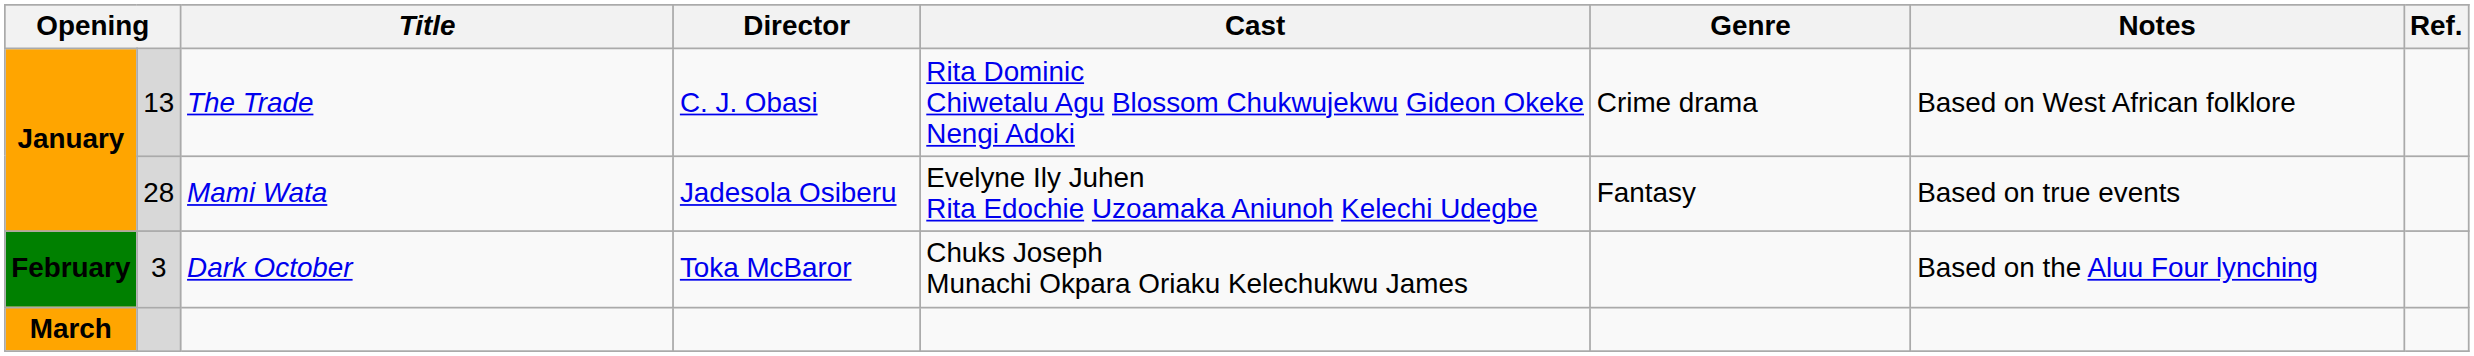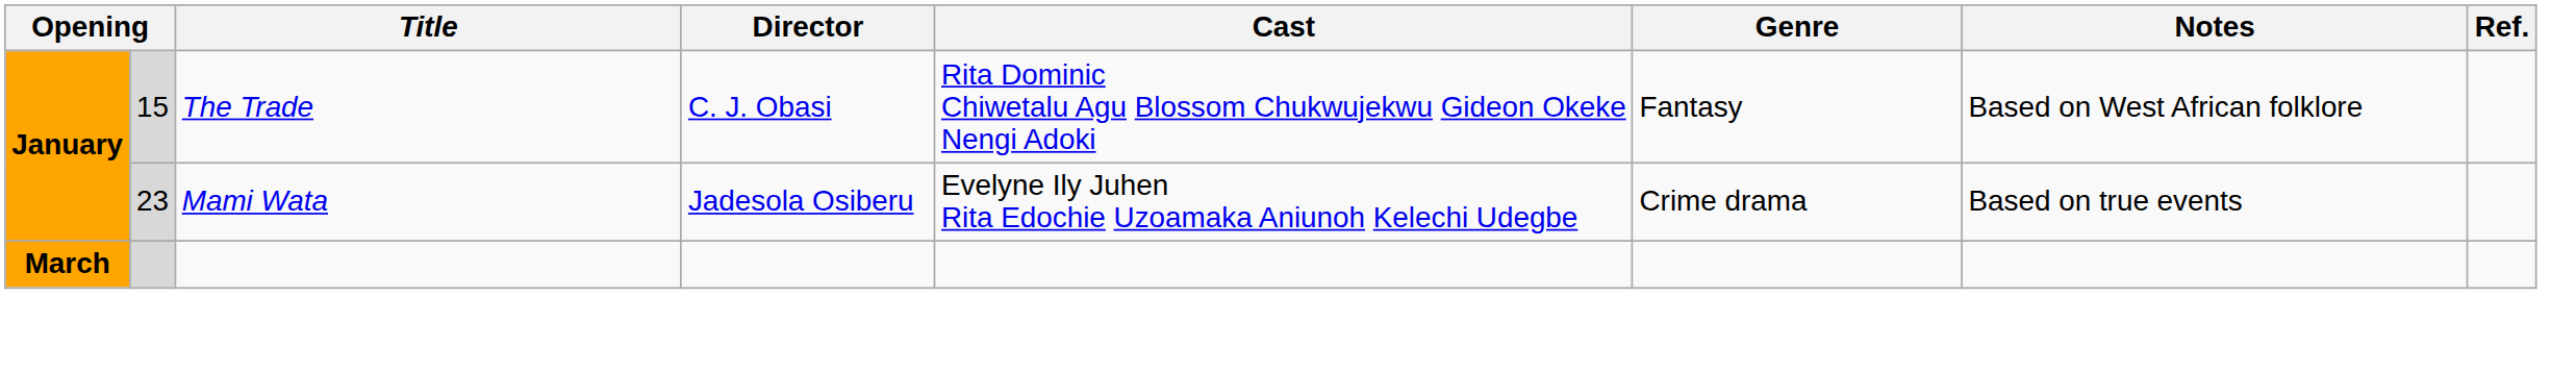 <table class="wikitable">
 <tr>
 <th colspan="2">Opening</th>
 <th style="width:20%;"><em>Title</em></th>
 <th style="width:10%;">Director</th>
 <th>Cast</th>
 <th style="width:13%">Genre</th>
 <th style="width:20%">Notes</th>
 <th>Ref.</th>
 </tr>
 <tr>
 <td rowspan="2" style="text-align:center; background:orange; textcolor:#000;"><strong>January</strong></td>
-<td style="text-align:center; background:#d8d8d8; textcolor:#000;">13</td>
+<td style="text-align:center; background:#d8d8d8; textcolor:#000;">15</td>
 <td><em><a href='#'>The Trade</a></em></td>
 <td><a href='#'>C. J. Obasi</a></td>
 <td><a href='#'>Rita Dominic</a><br><a href='#'>Chiwetalu Agu</a> <a href='#'>Blossom Chukwujekwu</a> <a href='#'>Gideon Okeke</a><br><a href='#'>Nengi Adoki</a></td>
-<td>Crime drama</td>
+<td>Fantasy</td>
 <td>Based on West African folklore</td>
 <td></td>
 </tr>
 <tr>
-<td style="text-align:center; background:#d8d8d8; textcolor:#000;">28</td>
+<td style="text-align:center; background:#d8d8d8; textcolor:#000;">23</td>
 <td><em><a href='#'>Mami Wata</a></em></td>
 <td><a href='#'>Jadesola Osiberu</a></td>
 <td>Evelyne Ily Juhen<br><a href='#'>Rita Edochie</a>  <a href='#'>Uzoamaka Aniunoh</a> <a href='#'>Kelechi Udegbe</a></td>
-<td>Fantasy</td>
+<td>Crime drama</td>
 <td>Based on true events</td>
-<td></td>
-</tr>
-<tr>
-<td style="text-align:center; background:green; textcolor:#000;"><strong>February</strong></td>
-<td rowspan="1" style="text-align:center; background:#d8d8d8; textcolor:#000;">3</td>
-<td><em><a href='#'>Dark October</a></em></td>
-<td><a href='#'>Toka McBaror</a></td>
-<td>Chuks Joseph<br>Munachi Okpara Oriaku Kelechukwu James</td>
-<td></td>
-<td>Based on the <a href='#'>Aluu Four lynching</a></td>
 <td></td>
 </tr>
 <tr>
 <td rowspan="2" style="text-align:center; background:orange; textcolor:#000;"><strong>March</strong></td>
 <td style="text-align:center; background:#d8d8d8; textcolor:#000;"></td>
 <td></td>
 <td></td>
 <td></td>
 <td></td>
 <td></td>
 <td></td>
 </tr>
 </table>
